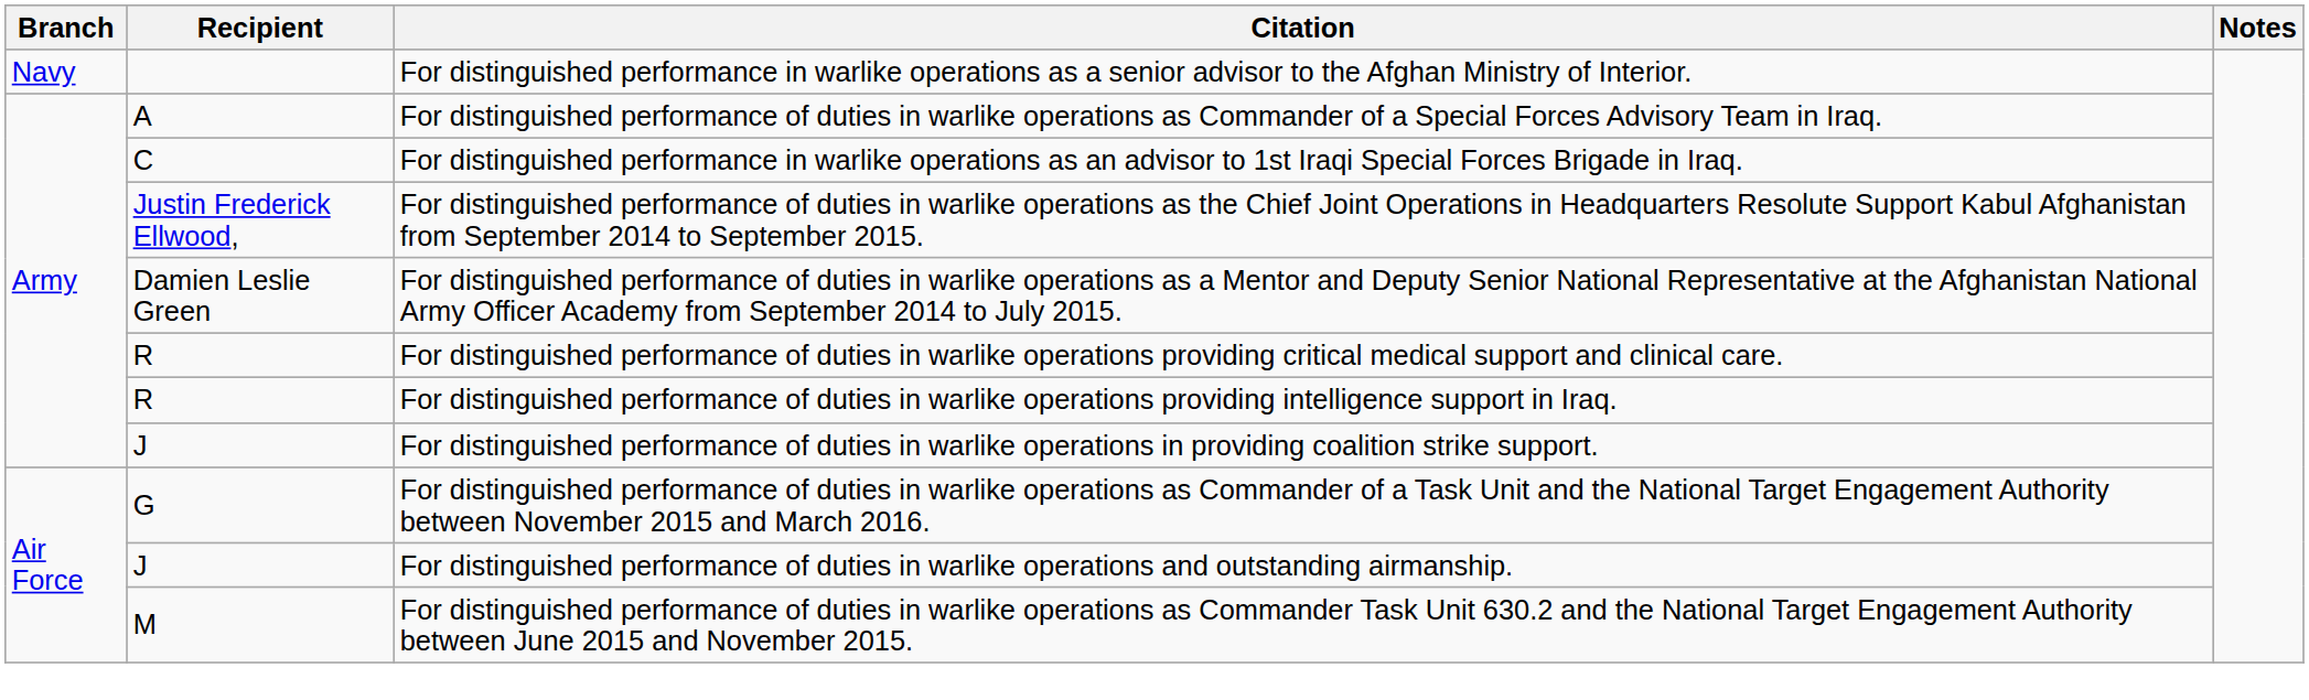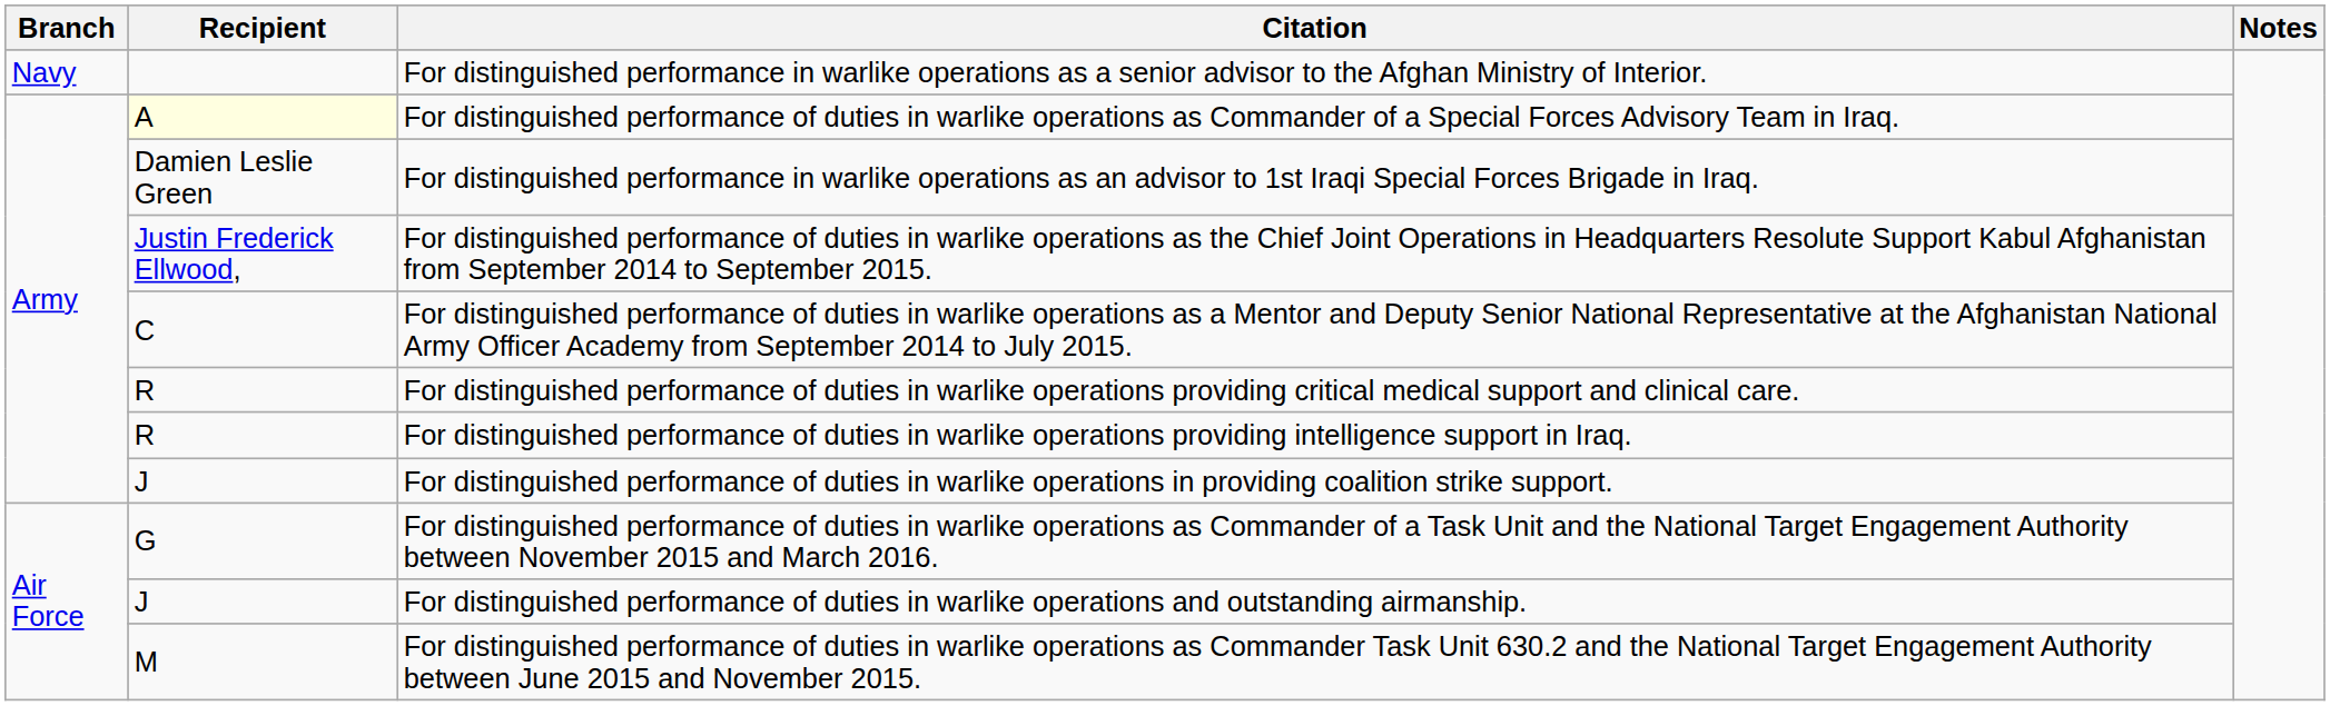 <table class="wikitable" style="font-size:95%;">
 <tr>
 <th>Branch</th>
 <th>Recipient</th>
 <th>Citation</th>
 <th>Notes</th>
 </tr>
 <tr>
 <td><a href='#'>Navy</a></td>
 <td></td>
 <td>For distinguished performance in warlike operations as a senior advisor to the Afghan Ministry of Interior.</td>
 <td rowspan=11></td>
 </tr>
 <tr>
 <td rowspan=7><a href='#'>Army</a></td>
-<td> A</td>
+<td style="background: lightyellow;"> A</td>
 <td>For distinguished performance of duties in warlike operations as Commander of a Special Forces Advisory Team in Iraq.</td>
 </tr>
 <tr>
-<td> C</td>
+<td> Damien Leslie Green</td>
 <td>For distinguished performance in warlike operations as an advisor to 1st Iraqi Special Forces Brigade in Iraq.</td>
 </tr>
 <tr>
 <td> <a href='#'>Justin Frederick Ellwood</a>, </td>
 <td>For distinguished performance of duties in warlike operations as the Chief Joint Operations in Headquarters Resolute Support Kabul Afghanistan from September 2014 to September 2015.</td>
 </tr>
 <tr>
-<td> Damien Leslie Green</td>
+<td> C</td>
 <td>For distinguished performance of duties in warlike operations as a Mentor and Deputy Senior National Representative at the Afghanistan National Army Officer Academy from September 2014 to July 2015.</td>
 </tr>
 <tr>
 <td> R</td>
 <td>For distinguished performance of duties in warlike operations providing critical medical support and clinical care.</td>
 </tr>
 <tr>
 <td> R</td>
 <td>For distinguished performance of duties in warlike operations providing intelligence support in Iraq.</td>
 </tr>
 <tr>
 <td> J</td>
 <td>For distinguished performance of duties in warlike operations in providing coalition strike support.</td>
 </tr>
 <tr>
 <td rowspan=3><a href='#'>Air Force</a></td>
 <td> G</td>
 <td>For distinguished performance of duties in warlike operations as Commander of a Task Unit and the National Target Engagement Authority between November 2015 and March 2016.</td>
 </tr>
 <tr>
 <td> J</td>
 <td>For distinguished performance of duties in warlike operations and outstanding airmanship.</td>
 </tr>
 <tr>
 <td> M</td>
 <td>For distinguished performance of duties in warlike operations as Commander Task Unit 630.2 and the National Target Engagement Authority between June 2015 and November 2015.</td>
 </tr>
 </table>
